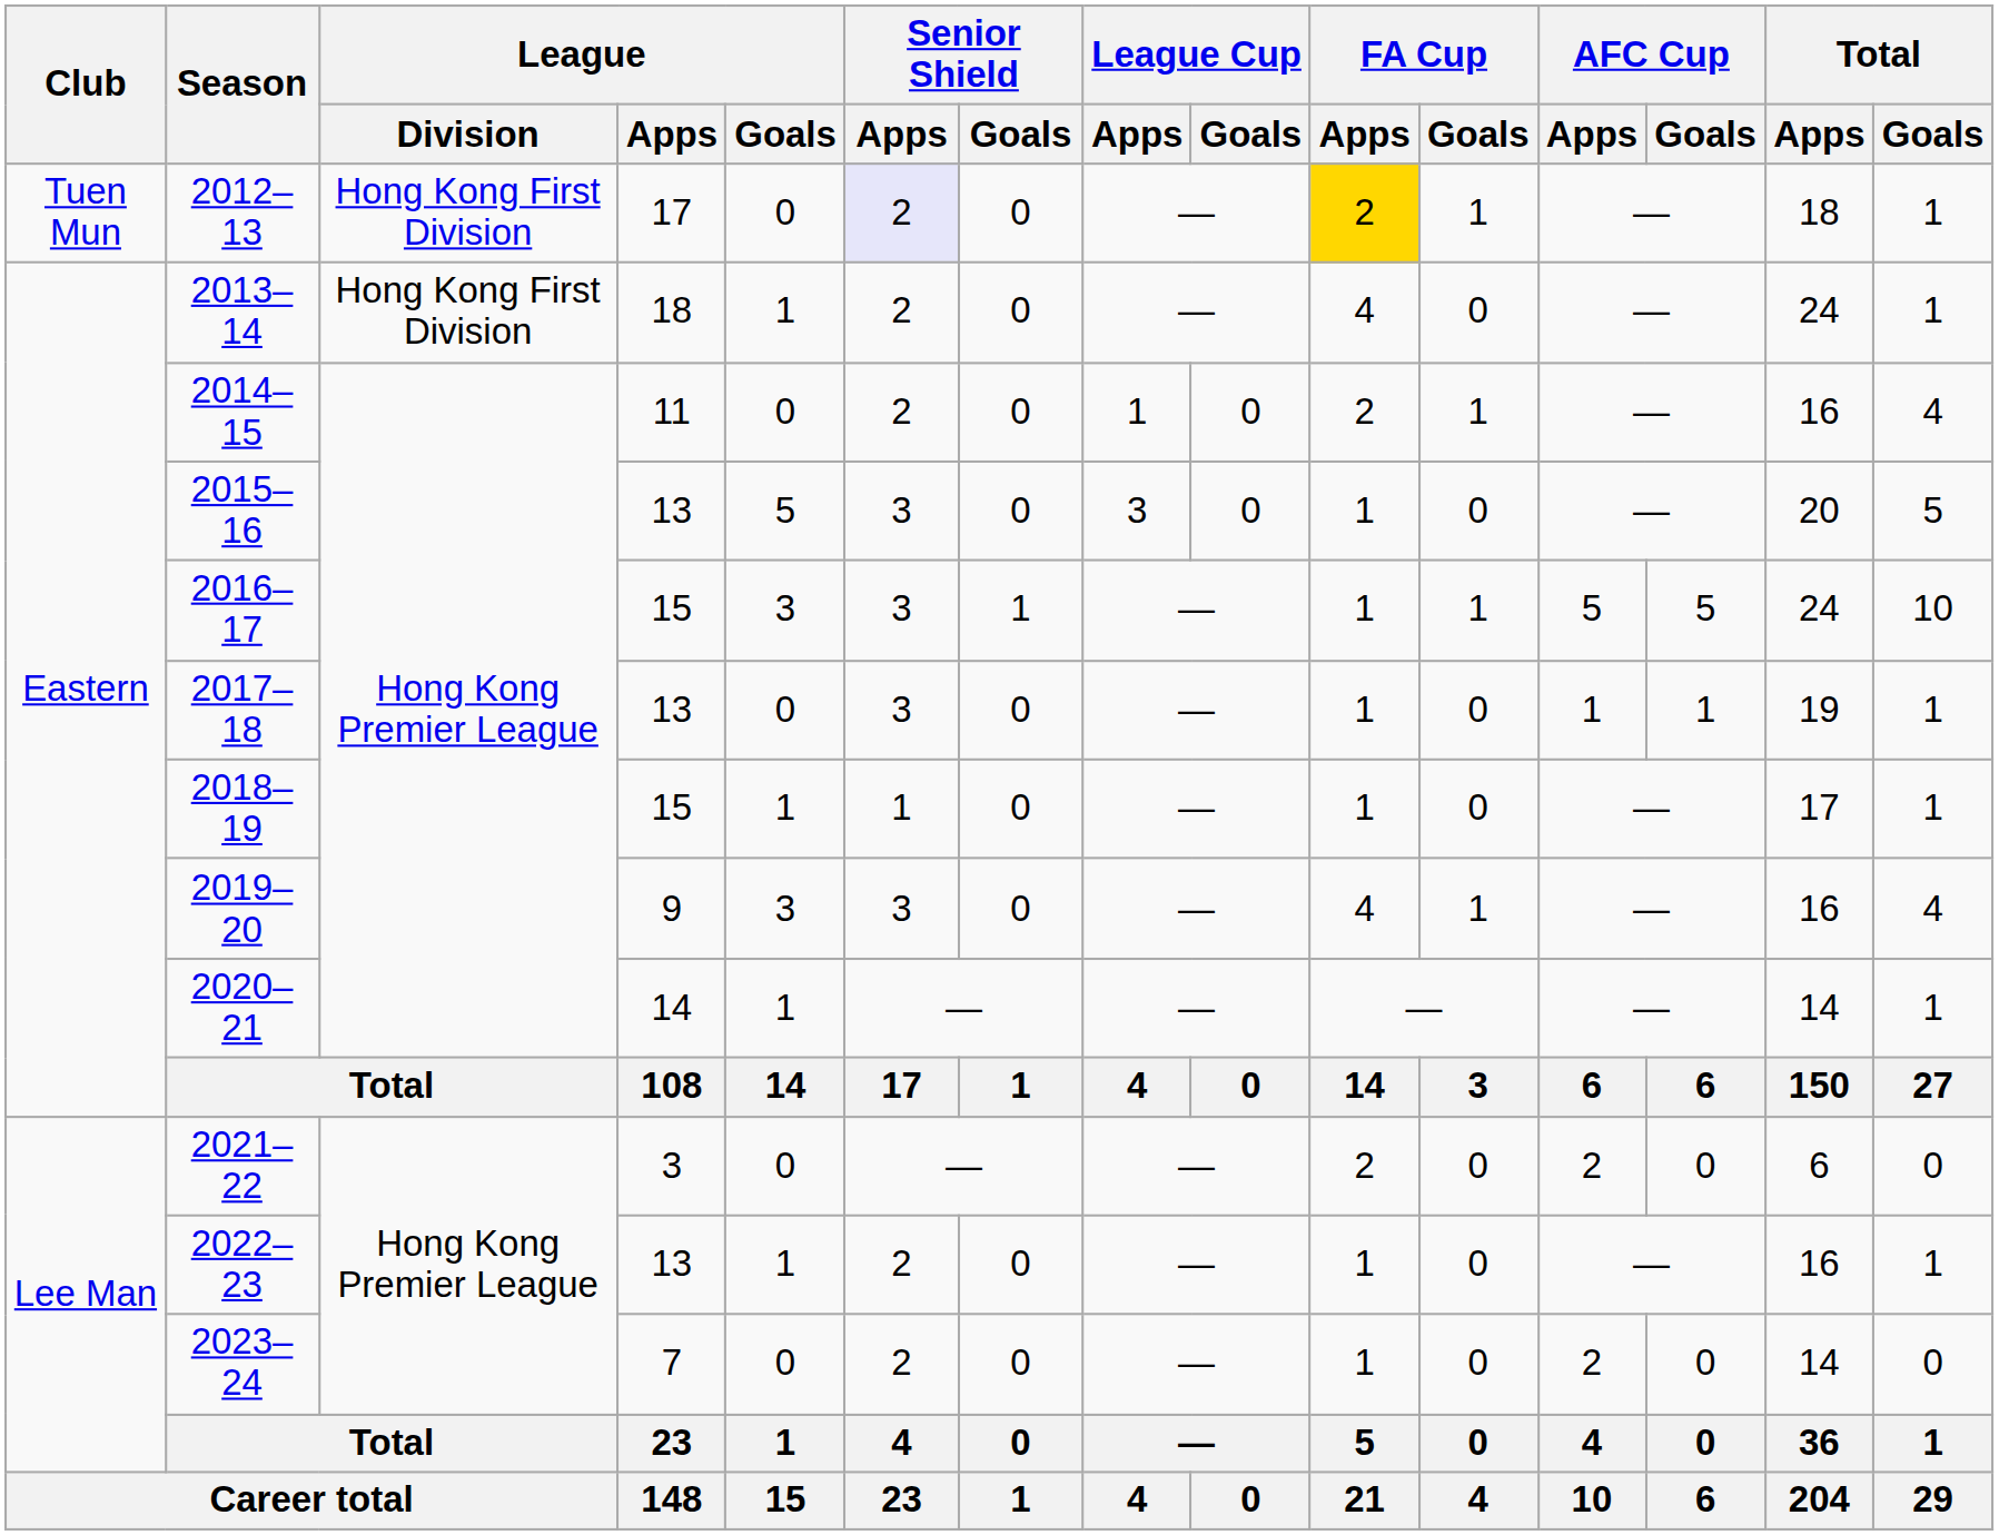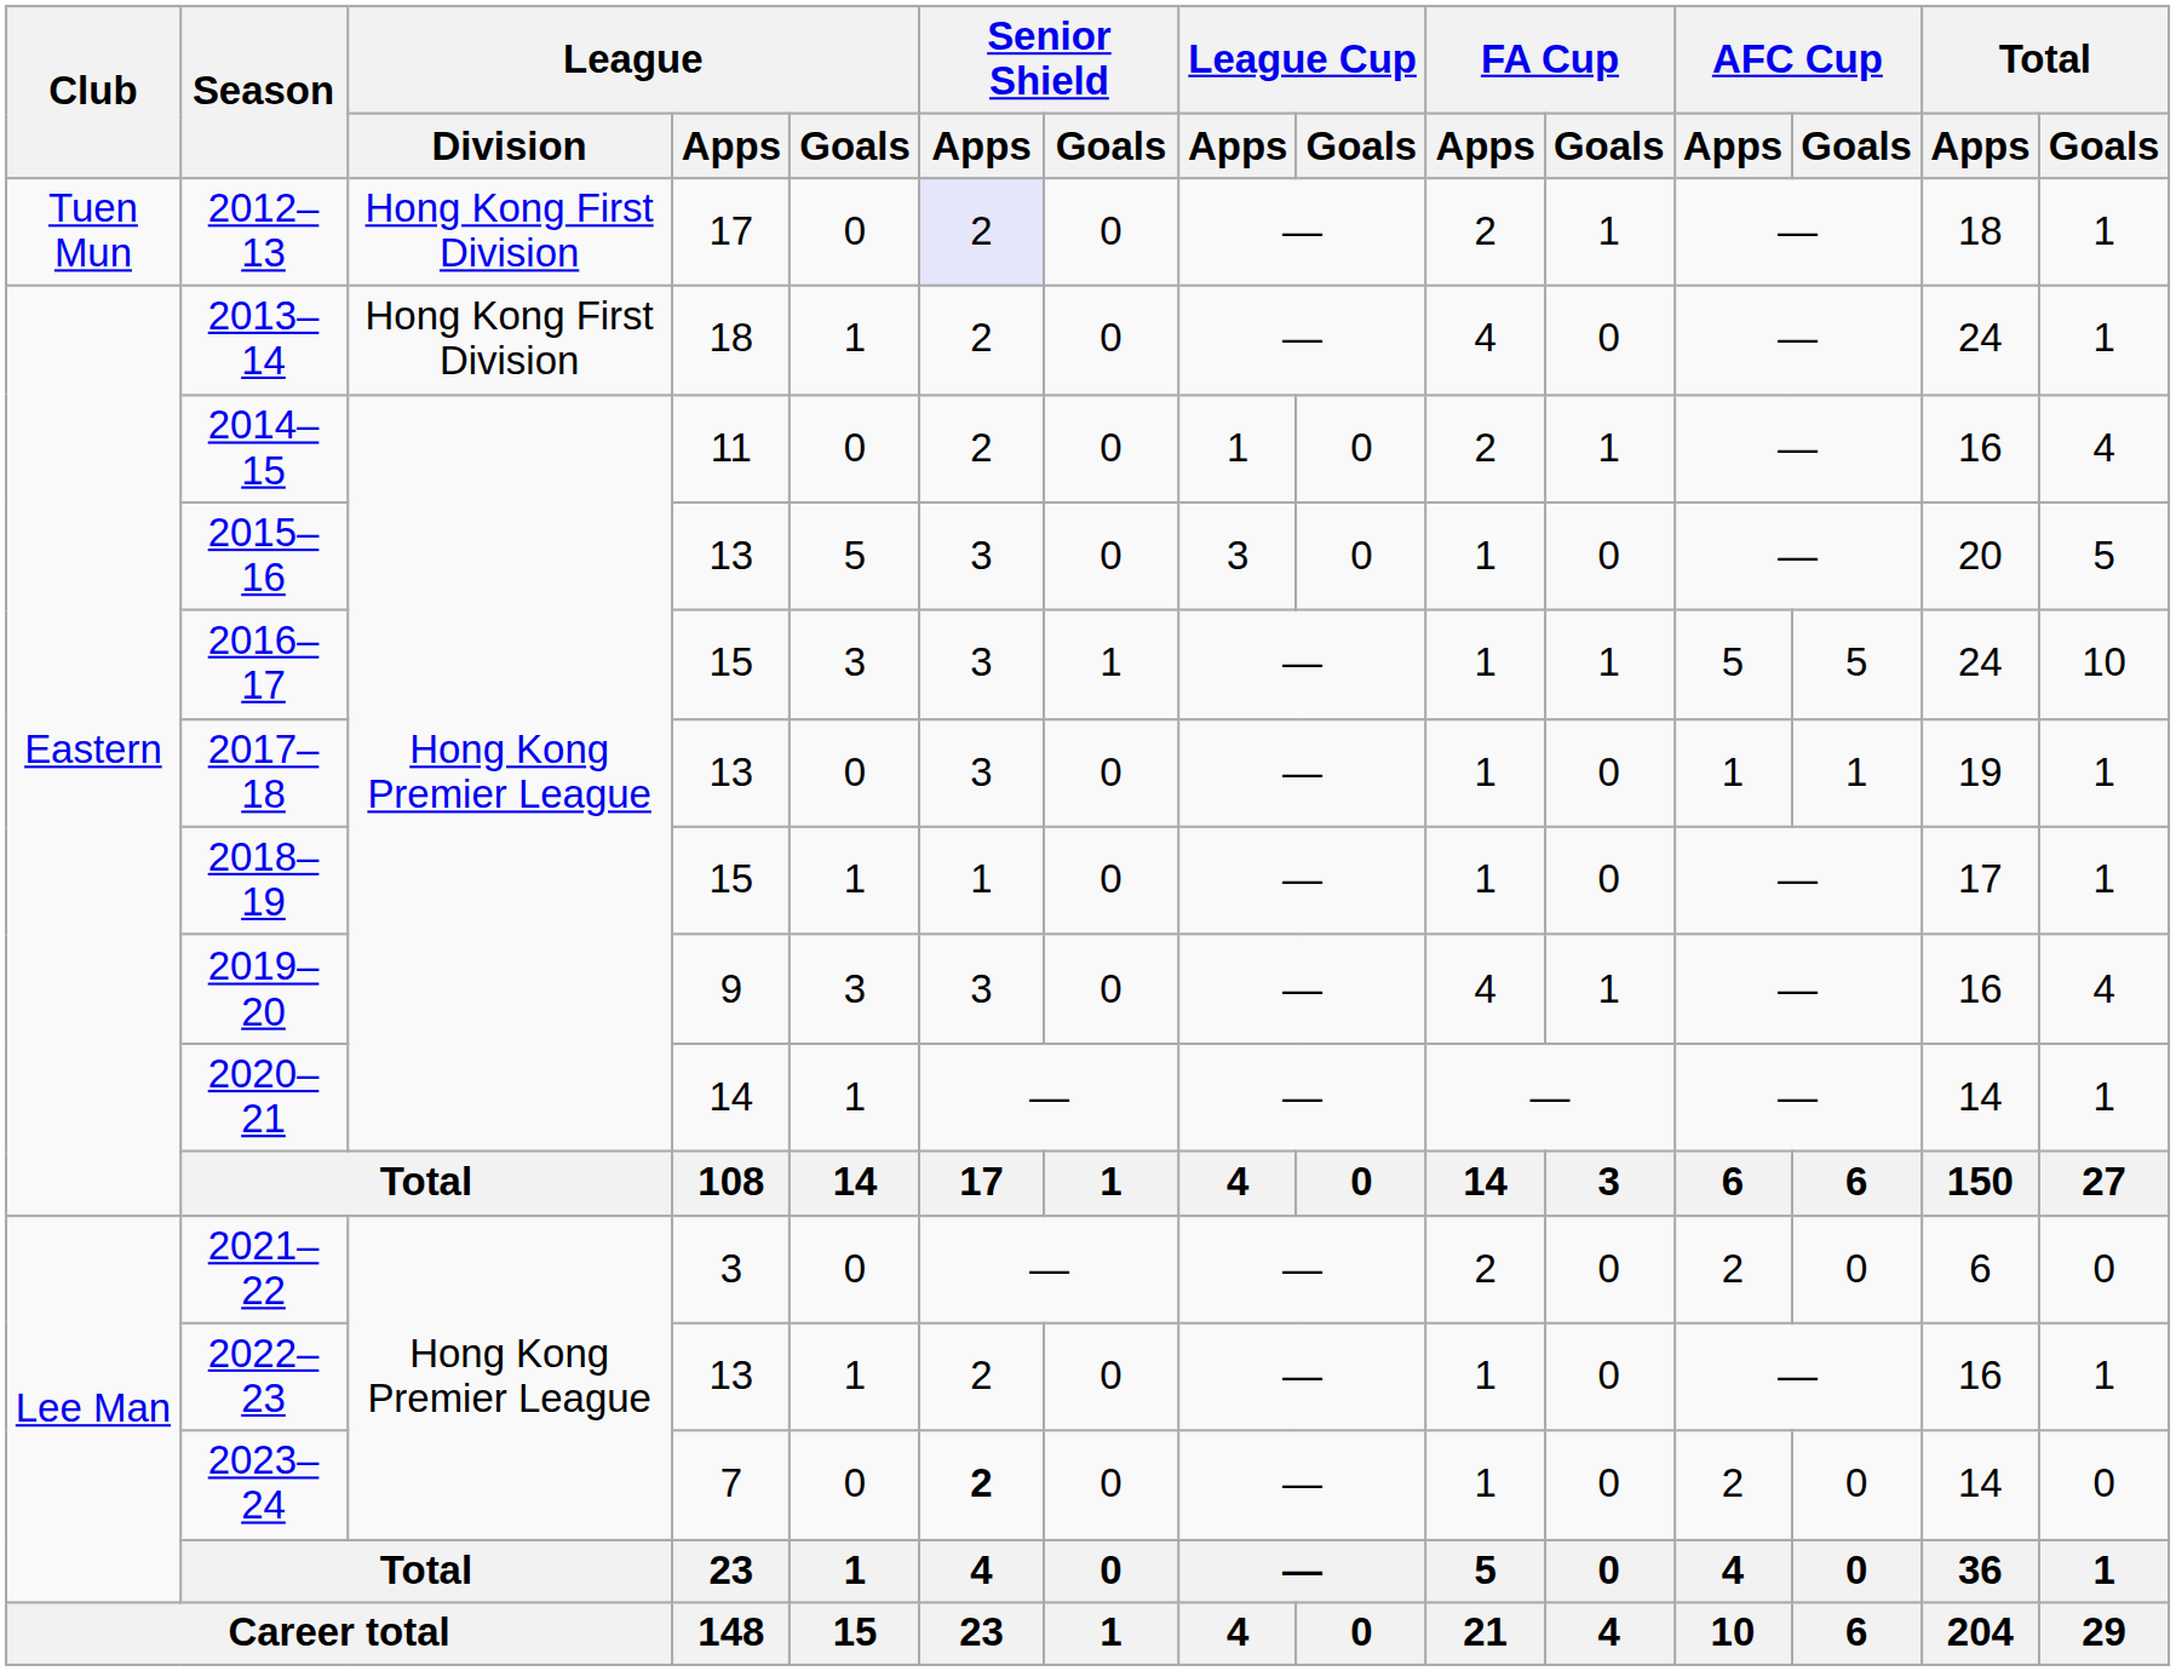 <table class="wikitable" style="text-align:center">
 <tr>
 <th rowspan="2">Club</th>
 <th rowspan="2">Season</th>
 <th colspan="3">League</th>
 <th colspan="2"><a href='#'>Senior Shield</a></th>
 <th colspan="2"><a href='#'>League Cup</a></th>
 <th colspan="2"><a href='#'>FA Cup</a></th>
 <th colspan="2"><a href='#'>AFC Cup</a></th>
 <th colspan="2">Total</th>
 </tr>
 <tr>
 <th>Division</th>
 <th>Apps</th>
 <th>Goals</th>
 <th>Apps</th>
 <th>Goals</th>
 <th>Apps</th>
 <th>Goals</th>
 <th>Apps</th>
 <th>Goals</th>
 <th>Apps</th>
 <th>Goals</th>
 <th>Apps</th>
 <th>Goals</th>
 </tr>
 <tr>
 <td><a href='#'>Tuen Mun</a></td>
 <td><a href='#'>2012–13</a></td>
 <td><a href='#'>Hong Kong First Division</a></td>
 <td>17</td>
 <td>0</td>
 <td style="background: lavender;">2</td>
 <td>0</td>
 <td colspan="2">—</td>
-<td style="background: gold;">2</td>
+<td>2</td>
 <td>1</td>
 <td colspan="2">—</td>
 <td>18</td>
 <td>1</td>
 </tr>
 <tr>
 <td rowspan="9"><a href='#'>Eastern</a></td>
 <td><a href='#'>2013–14</a></td>
 <td>Hong Kong First Division</td>
 <td>18</td>
 <td>1</td>
 <td>2</td>
 <td>0</td>
 <td colspan="2">—</td>
 <td>4</td>
 <td>0</td>
 <td colspan="2">—</td>
 <td>24</td>
 <td>1</td>
 </tr>
 <tr>
 <td><a href='#'>2014–15</a></td>
 <td rowspan="7"><a href='#'>Hong Kong Premier League</a></td>
 <td>11</td>
 <td>0</td>
 <td>2</td>
 <td>0</td>
 <td>1</td>
 <td>0</td>
 <td>2</td>
 <td>1</td>
 <td colspan="2">—</td>
 <td>16</td>
 <td>4</td>
 </tr>
 <tr>
 <td><a href='#'>2015–16</a></td>
 <td>13</td>
 <td>5</td>
 <td>3</td>
 <td>0</td>
 <td>3</td>
 <td>0</td>
 <td>1</td>
 <td>0</td>
 <td colspan="2">—</td>
 <td>20</td>
 <td>5</td>
 </tr>
 <tr>
 <td><a href='#'>2016–17</a></td>
 <td>15</td>
 <td>3</td>
 <td>3</td>
 <td>1</td>
 <td colspan="2">—</td>
 <td>1</td>
 <td>1</td>
 <td>5</td>
 <td>5</td>
 <td>24</td>
 <td>10</td>
 </tr>
 <tr>
 <td><a href='#'>2017–18</a></td>
 <td>13</td>
 <td>0</td>
 <td>3</td>
 <td>0</td>
 <td colspan="2">—</td>
 <td>1</td>
 <td>0</td>
 <td>1</td>
 <td>1</td>
 <td>19</td>
 <td>1</td>
 </tr>
 <tr>
 <td><a href='#'>2018–19</a></td>
 <td>15</td>
 <td>1</td>
 <td>1</td>
 <td>0</td>
 <td colspan="2">—</td>
 <td>1</td>
 <td>0</td>
 <td colspan="2">—</td>
 <td>17</td>
 <td>1</td>
 </tr>
 <tr>
 <td><a href='#'>2019–20</a></td>
 <td>9</td>
 <td>3</td>
 <td>3</td>
 <td>0</td>
 <td colspan="2">—</td>
 <td>4</td>
 <td>1</td>
 <td colspan="2">—</td>
 <td>16</td>
 <td>4</td>
 </tr>
 <tr>
 <td><a href='#'>2020–21</a></td>
 <td>14</td>
 <td>1</td>
 <td colspan="2">—</td>
 <td colspan="2">—</td>
 <td colspan="2">—</td>
 <td colspan="2">—</td>
 <td>14</td>
 <td>1</td>
 </tr>
 <tr>
 <th colspan="2">Total</th>
 <th>108</th>
 <th>14</th>
 <th>17</th>
 <th>1</th>
 <th>4</th>
 <th>0</th>
 <th>14</th>
 <th>3</th>
 <th>6</th>
 <th>6</th>
 <th>150</th>
 <th>27</th>
 </tr>
 <tr>
 <td rowspan="4"><a href='#'>Lee Man</a></td>
 <td><a href='#'>2021–22</a></td>
 <td rowspan="3">Hong Kong Premier League</td>
 <td>3</td>
 <td>0</td>
 <td colspan="2">—</td>
 <td colspan="2">—</td>
 <td>2</td>
 <td>0</td>
 <td>2</td>
 <td>0</td>
 <td>6</td>
 <td>0</td>
 </tr>
 <tr>
 <td><a href='#'>2022–23</a></td>
 <td>13</td>
 <td>1</td>
 <td>2</td>
 <td>0</td>
 <td colspan="2">—</td>
 <td>1</td>
 <td>0</td>
 <td colspan="2">—</td>
 <td>16</td>
 <td>1</td>
 </tr>
 <tr>
 <td><a href='#'>2023–24</a></td>
 <td>7</td>
 <td>0</td>
-<td>2</td>
+<td><strong>2</strong></td>
 <td>0</td>
 <td colspan="2">—</td>
 <td>1</td>
 <td>0</td>
 <td>2</td>
 <td>0</td>
 <td>14</td>
 <td>0</td>
 </tr>
 <tr>
 <th colspan="2">Total</th>
 <th>23</th>
 <th>1</th>
 <th>4</th>
 <th>0</th>
 <th colspan="2">—</th>
 <th>5</th>
 <th>0</th>
 <th>4</th>
 <th>0</th>
 <th>36</th>
 <th>1</th>
 </tr>
 <tr>
 <th colspan="3">Career total</th>
 <th>148</th>
 <th>15</th>
 <th>23</th>
 <th>1</th>
 <th>4</th>
 <th>0</th>
 <th>21</th>
 <th>4</th>
 <th>10</th>
 <th>6</th>
 <th>204</th>
 <th>29</th>
 </tr>
 </table>
